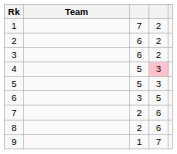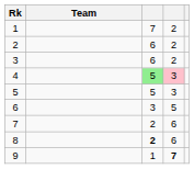 <table class=wikitable style="text-align:center; font-size:95%">
 <tr>
 <th width=25>Rk</th>
 <th width=170>Team</th>
 <th width=25></th>
 <th width=25></th>
 <th colspan=2></th>
 </tr>
 <tr>
 <td>1</td>
 <td align=left></td>
 <td>7</td>
 <td>2</td>
 <td colspan=2></td>
 </tr>
 <tr>
 <td>2</td>
 <td align=left></td>
 <td>6</td>
 <td>2</td>
 <td colspan=2></td>
 </tr>
 <tr>
 <td>3</td>
 <td align=left></td>
 <td>6</td>
 <td>2</td>
 <td colspan=2></td>
 </tr>
 <tr>
 <td>4</td>
 <td align=left></td>
-<td>5</td>
+<td style="background: lightgreen;">5</td>
 <td style="background: pink;">3</td>
 <td></td>
 </tr>
 <tr>
 <td>5</td>
 <td align=left></td>
 <td>5</td>
 <td>3</td>
 <td></td>
 </tr>
 <tr>
 <td>6</td>
 <td align=left></td>
 <td>3</td>
 <td>5</td>
 <td></td>
 </tr>
 <tr>
 <td>7</td>
 <td align=left></td>
 <td>2</td>
 <td>6</td>
 <td></td>
 </tr>
 <tr>
 <td>8</td>
 <td align=left></td>
-<td>2</td>
+<td><strong>2</strong></td>
 <td>6</td>
 <td></td>
 </tr>
 <tr>
 <td>9</td>
 <td align=left></td>
 <td>1</td>
-<td>7</td>
+<td><strong>7</strong></td>
 <td></td>
 </tr>
 </table>
